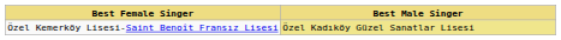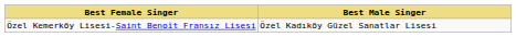 <table class=wikitable>
 <tr>
 <th style="background:#EEDD82; width:50%">Best Female Singer</th>
 <th style="background:#EEDD82; width:50%">Best Male Singer</th>
 </tr>
 <tr>
 <td valign="top">Özel Kemerköy Lisesi-<a href='#'>Saint Benoît Fransız Lisesi</a></td>
-<td valign="top" style="background: khaki;">Özel Kadıköy Güzel Sanatlar Lisesi</td>
+<td valign="top">Özel Kadıköy Güzel Sanatlar Lisesi</td>
 </tr>
 </table>
